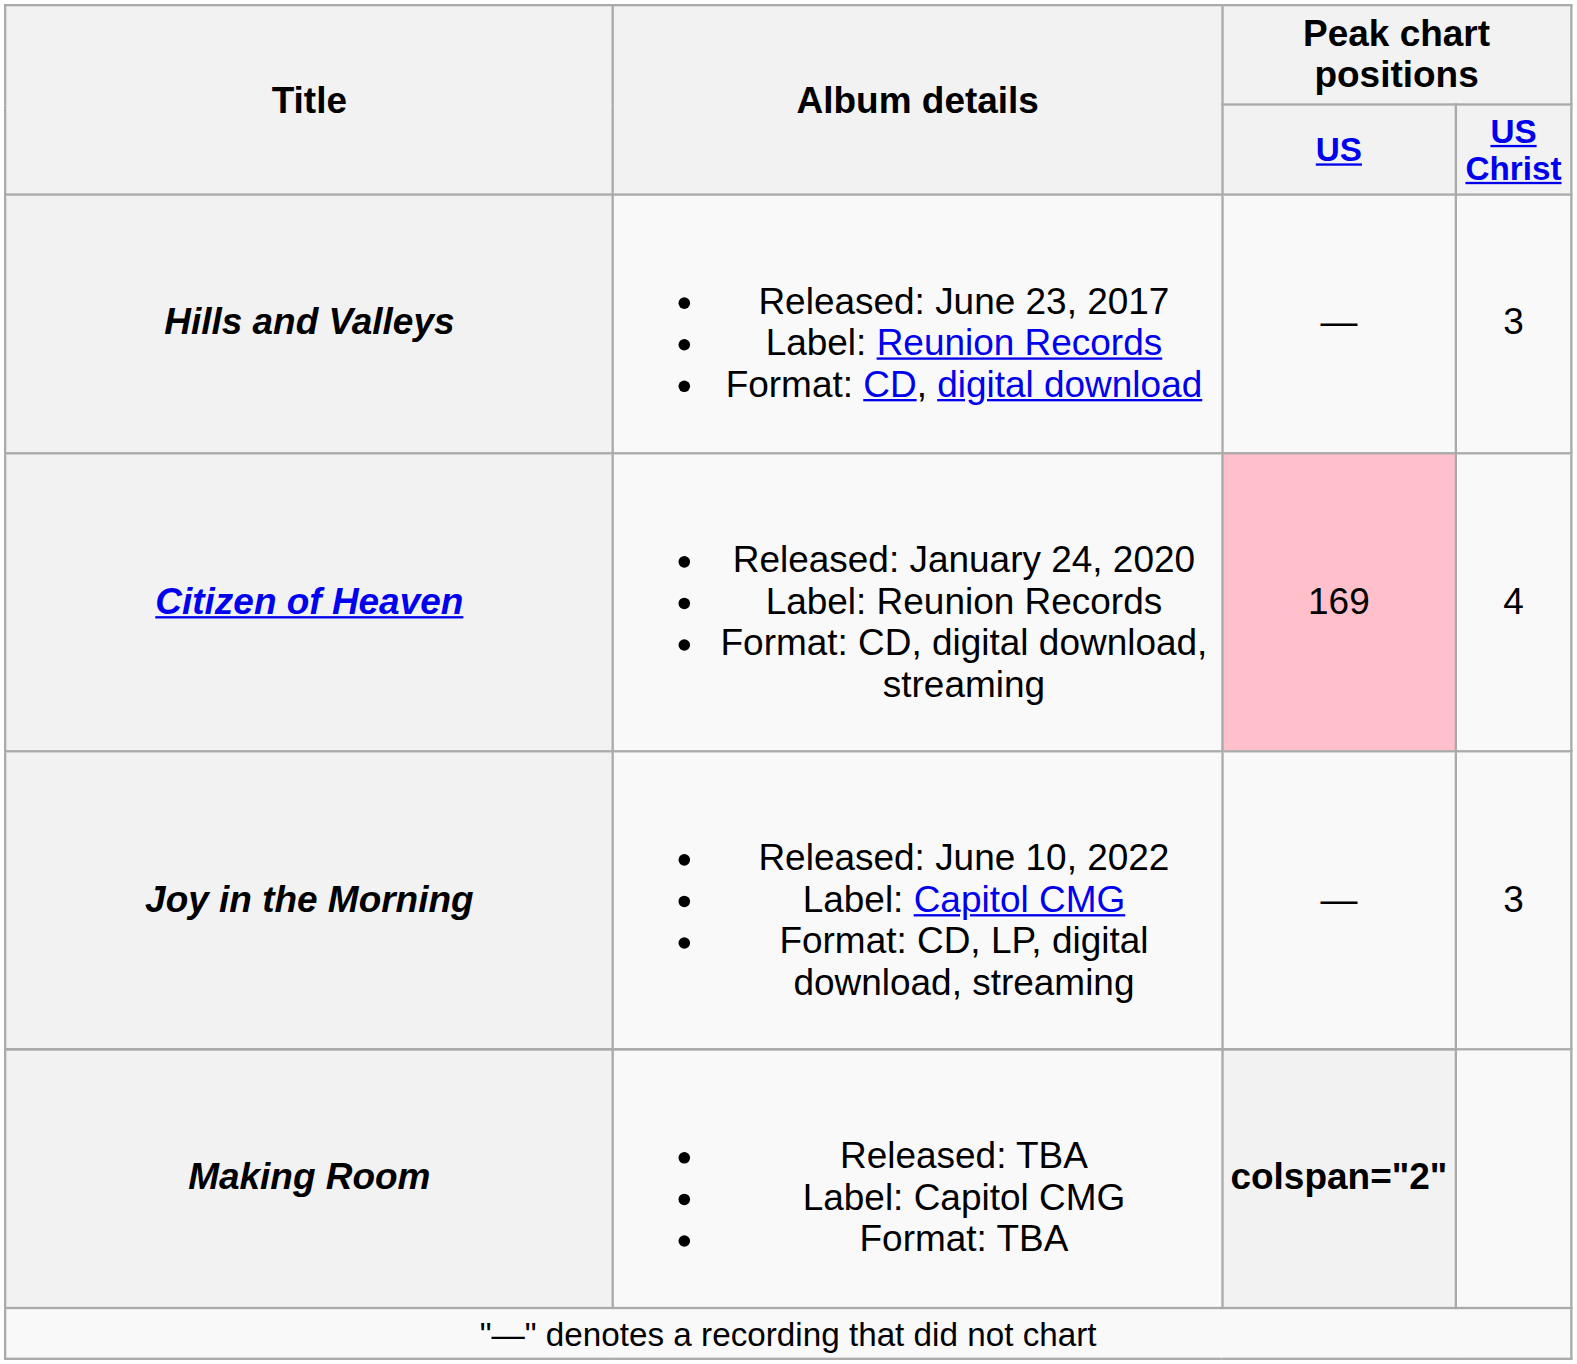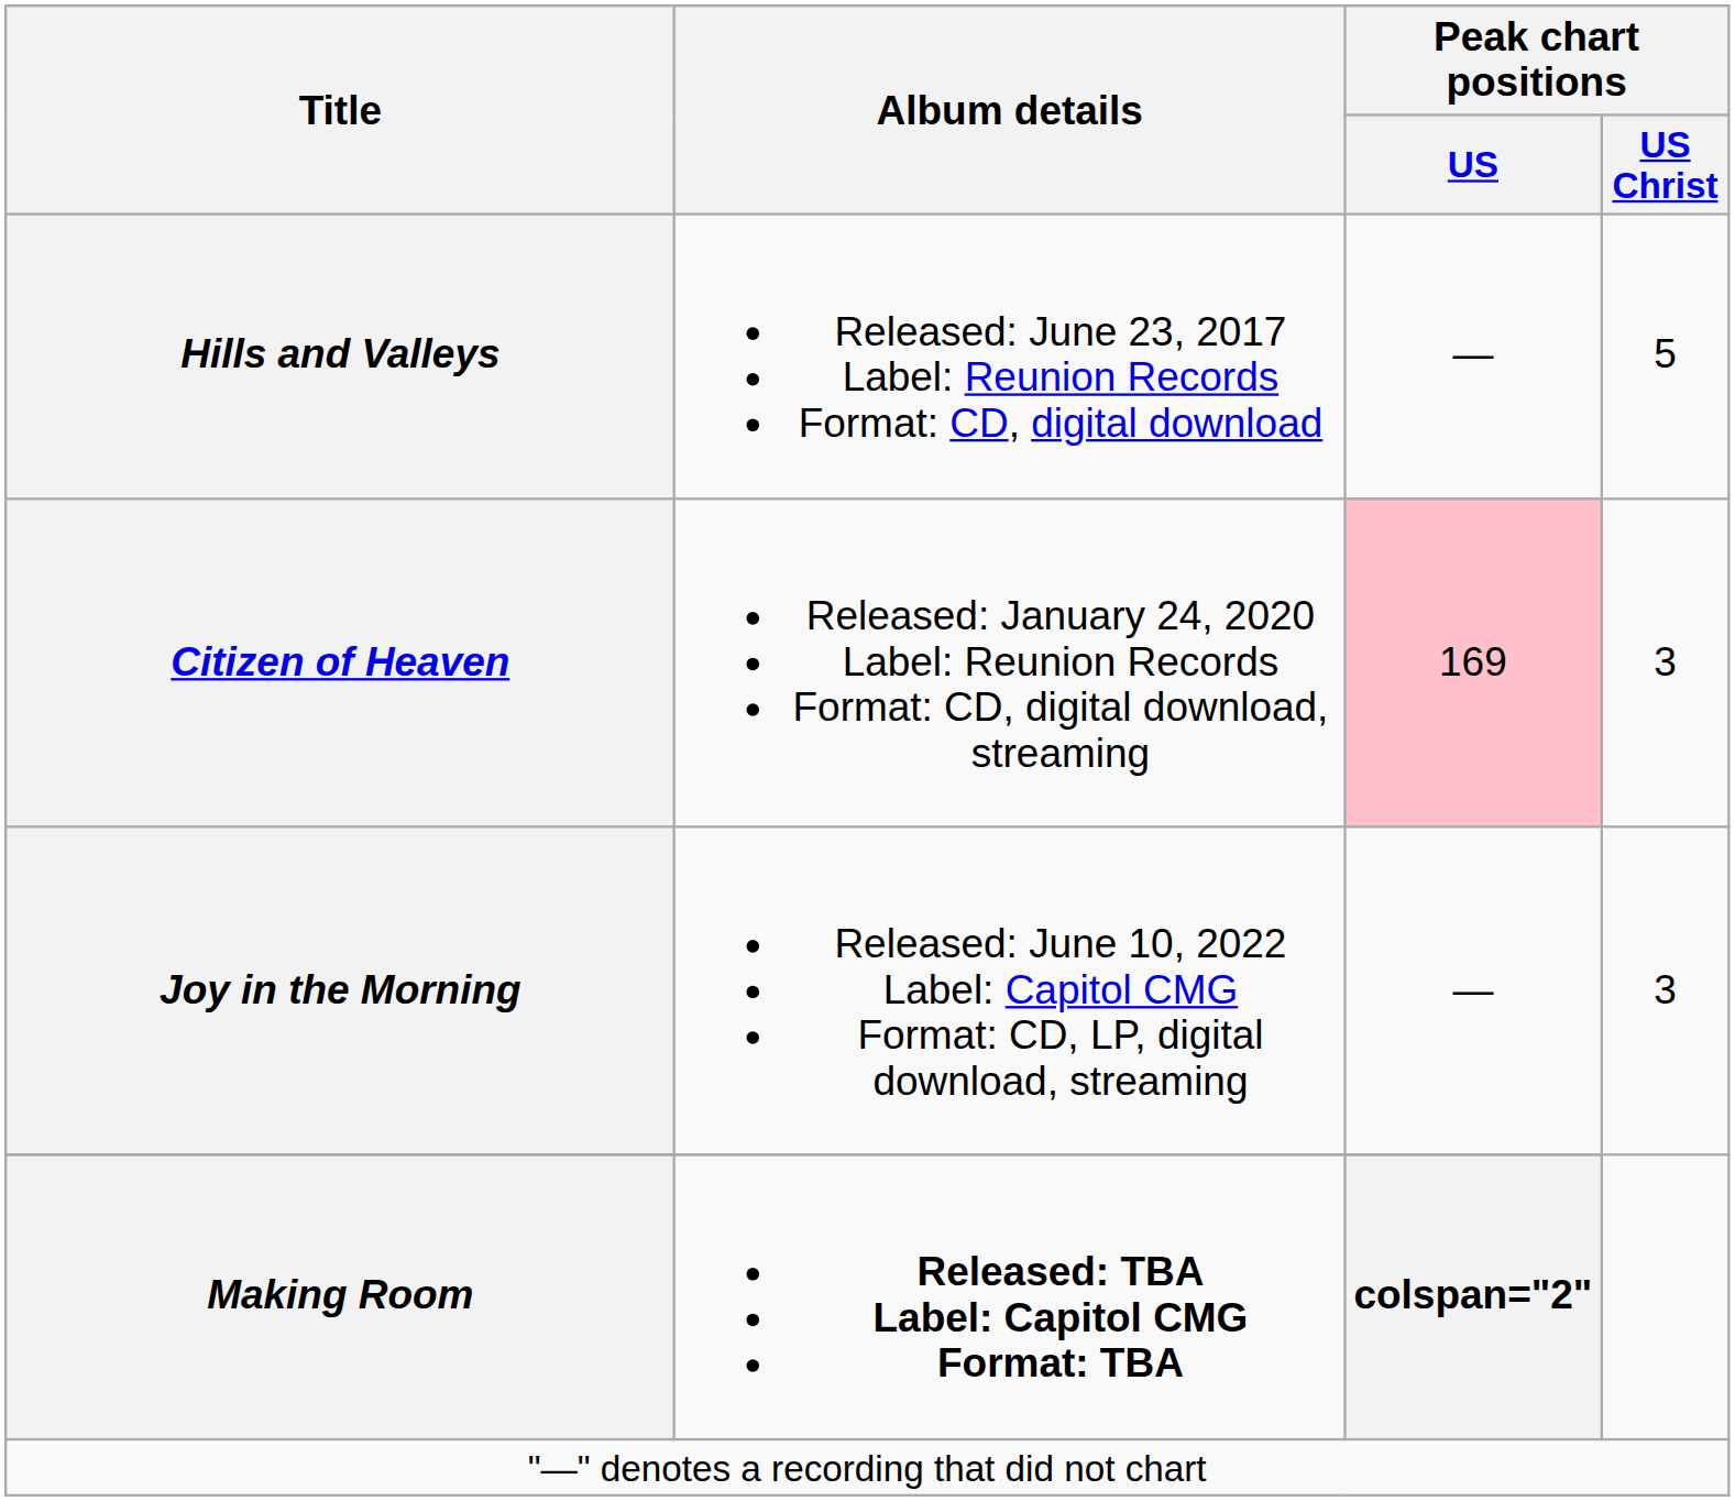 <table class="wikitable plainrowheaders" style="text-align:center;">
 <tr>
 <th scope="col" rowspan="2" style="width:16em;">Title</th>
 <th scope="col" rowspan="2" style="width:16em;">Album details</th>
 <th scope="col" colspan="2">Peak chart positions</th>
 </tr>
 <tr>
 <th style="width:3em; font-size:90%"><a href='#'>US</a><br></th>
 <th style="width:3em; font-size:90%"><a href='#'>US<br>Christ</a><br></th>
 </tr>
 <tr>
 <th scope="row"><em>Hills and Valleys</em></th>
 <td><br><ul><li>Released: June 23, 2017</li><li>Label: <a href='#'>Reunion Records</a></li><li>Format: <a href='#'>CD</a>, <a href='#'>digital download</a></li></ul></td>
 <td>—</td>
-<td>3</td>
+<td>5</td>
 </tr>
 <tr>
 <th scope="row"><em><a href='#'>Citizen of Heaven</a></em></th>
 <td><br><ul><li>Released: January 24, 2020 </li><li>Label: Reunion Records</li><li>Format: CD, digital download, streaming</li></ul></td>
 <td style="background: pink;">169</td>
-<td>4</td>
+<td>3</td>
 </tr>
 <tr>
 <th scope="row"><em>Joy in the Morning</em></th>
 <td><br><ul><li>Released: June 10, 2022</li><li>Label: <a href='#'>Capitol CMG</a></li><li>Format: CD, LP, digital download, streaming</li></ul></td>
 <td>—</td>
 <td>3</td>
 </tr>
 <tr>
 </tr>
 <tr>
 <th scope="row"><em>Making Room</em></th>
-<td><br><ul><li>Released: TBA</li><li>Label: Capitol CMG</li><li>Format: TBA</li></ul></td>
+<td><strong><br><ul><li>Released: TBA</li><li>Label: Capitol CMG</li><li>Format: TBA</li></ul></strong></td>
 <th>colspan="2" </th>
 </tr>
 <tr>
 <td colspan="5" style="font-size:90%">"—" denotes a recording that did not chart</td>
 </tr>
 </table>
